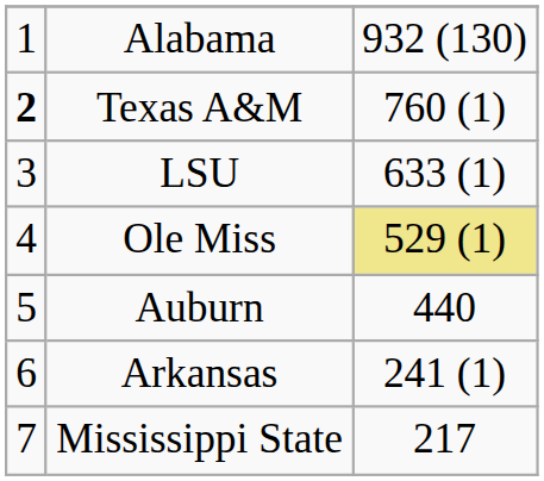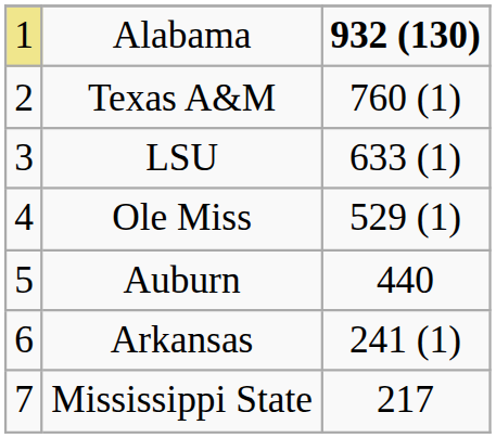 <table class="wikitable" style="display: inline-table;">
 <tr align="center">
 </tr>
 <tr align="center">
-<td>1</td>
+<td style="background: khaki;">1</td>
 <td>Alabama</td>
-<td>932 (130)</td>
+<td><strong>932 (130)</strong></td>
 </tr>
 <tr align="center">
-<td><strong>2</strong></td>
+<td>2</td>
 <td>Texas A&M</td>
 <td>760 (1)</td>
 </tr>
 <tr align="center">
 <td>3</td>
 <td>LSU</td>
 <td>633 (1)</td>
 </tr>
 <tr align="center">
 <td>4</td>
 <td>Ole Miss</td>
-<td style="background: khaki;">529 (1)</td>
+<td>529 (1)</td>
 </tr>
 <tr align="center">
 <td>5</td>
 <td>Auburn</td>
 <td>440</td>
 </tr>
 <tr align="center">
 <td>6</td>
 <td>Arkansas</td>
 <td>241 (1)</td>
 </tr>
 <tr align="center">
 <td>7</td>
 <td>Mississippi State</td>
 <td>217</td>
 </tr>
 </table>
